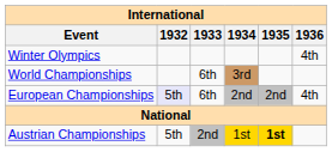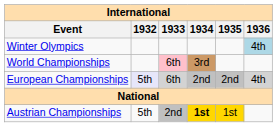 <table class="wikitable" style="text-align:center">
 <tr>
 <th style="background-color: #ffdead; " colspan=6 align=center>International</th>
 </tr>
 <tr>
 <th>Event</th>
 <th>1932</th>
 <th>1933</th>
 <th>1934</th>
 <th>1935</th>
 <th>1936</th>
 </tr>
 <tr>
 <td align=left><a href='#'>Winter Olympics</a></td>
 <td></td>
 <td></td>
 <td></td>
 <td></td>
-<td>4th</td>
+<td style="background: lightblue;">4th</td>
 </tr>
 <tr>
 <td align=left><a href='#'>World Championships</a></td>
 <td></td>
-<td>6th</td>
+<td style="background: pink;">6th</td>
 <td bgcolor=CC9966>3rd</td>
 <td></td>
 <td></td>
 </tr>
 <tr>
 <td align=left><a href='#'>European Championships</a></td>
 <td style="background: lavender;">5th</td>
-<td>6th</td>
+<td style="background: lightgrey;">6th</td>
 <td bgcolor=silver>2nd</td>
 <td bgcolor=silver>2nd</td>
-<td>4th</td>
+<td style="background: lightgrey;">4th</td>
 </tr>
 <tr>
 <th style="background-color: #ffdead; " colspan=6 align=center>National</th>
 </tr>
 <tr>
 <td align=left><a href='#'>Austrian Championships</a></td>
 <td>5th</td>
 <td bgcolor=silver>2nd</td>
+<td bgcolor=gold><strong>1st</strong></td>
 <td bgcolor=gold>1st</td>
-<td bgcolor=gold><strong>1st</strong></td>
 <td></td>
 </tr>
 </table>
